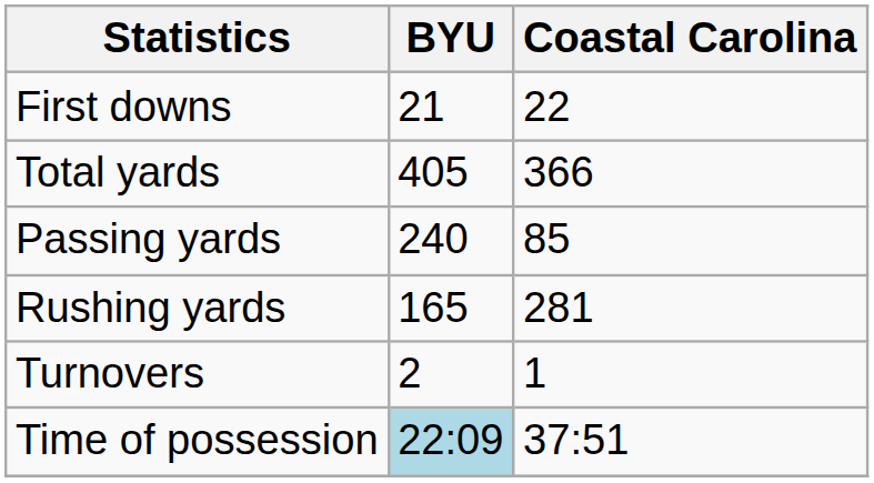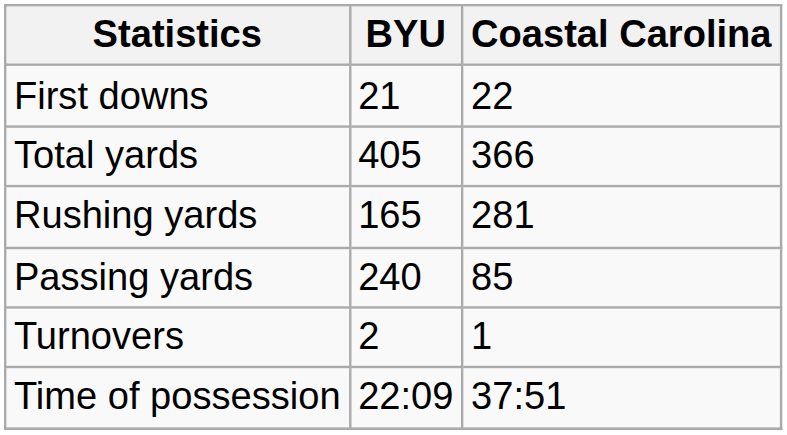 <table class="wikitable">
 <tr>
 <th>Statistics</th>
 <th>BYU</th>
 <th>Coastal Carolina</th>
 </tr>
 <tr>
 <td>First downs</td>
 <td>21</td>
 <td>22</td>
 </tr>
 <tr>
 <td>Total yards</td>
 <td>405</td>
 <td>366</td>
 </tr>
 <tr>
+<td>Rushing yards</td>
+<td>165</td>
+<td>281</td>
+</tr>
+<tr>
 <td>Passing yards</td>
 <td>240</td>
 <td>85</td>
-</tr>
-<tr>
-<td>Rushing yards</td>
-<td>165</td>
-<td>281</td>
 </tr>
 <tr>
 <td>Turnovers</td>
 <td>2</td>
 <td>1</td>
 </tr>
 <tr>
 <td>Time of possession</td>
-<td style="background: lightblue;">22:09</td>
+<td>22:09</td>
 <td>37:51</td>
 </tr>
 <tr>
 </tr>
 </table>
